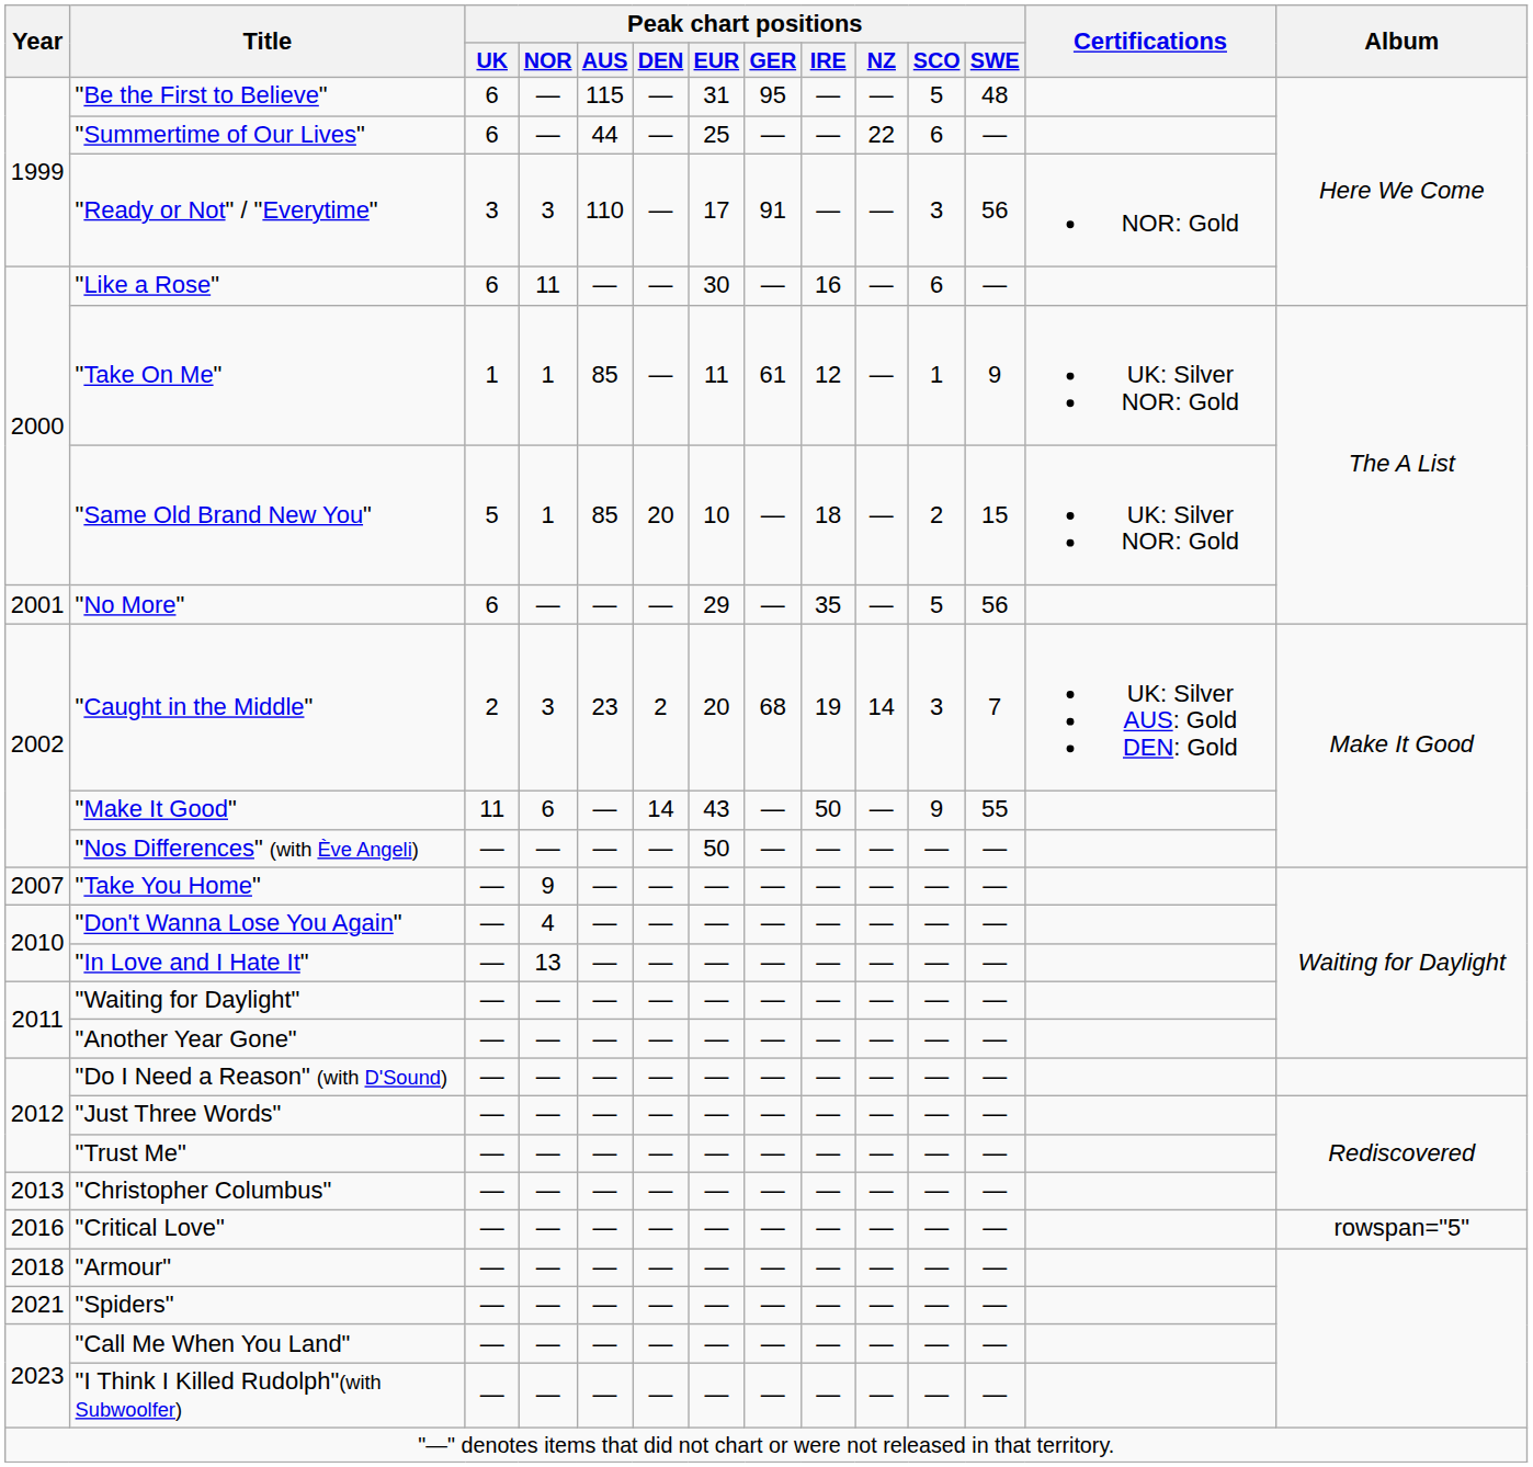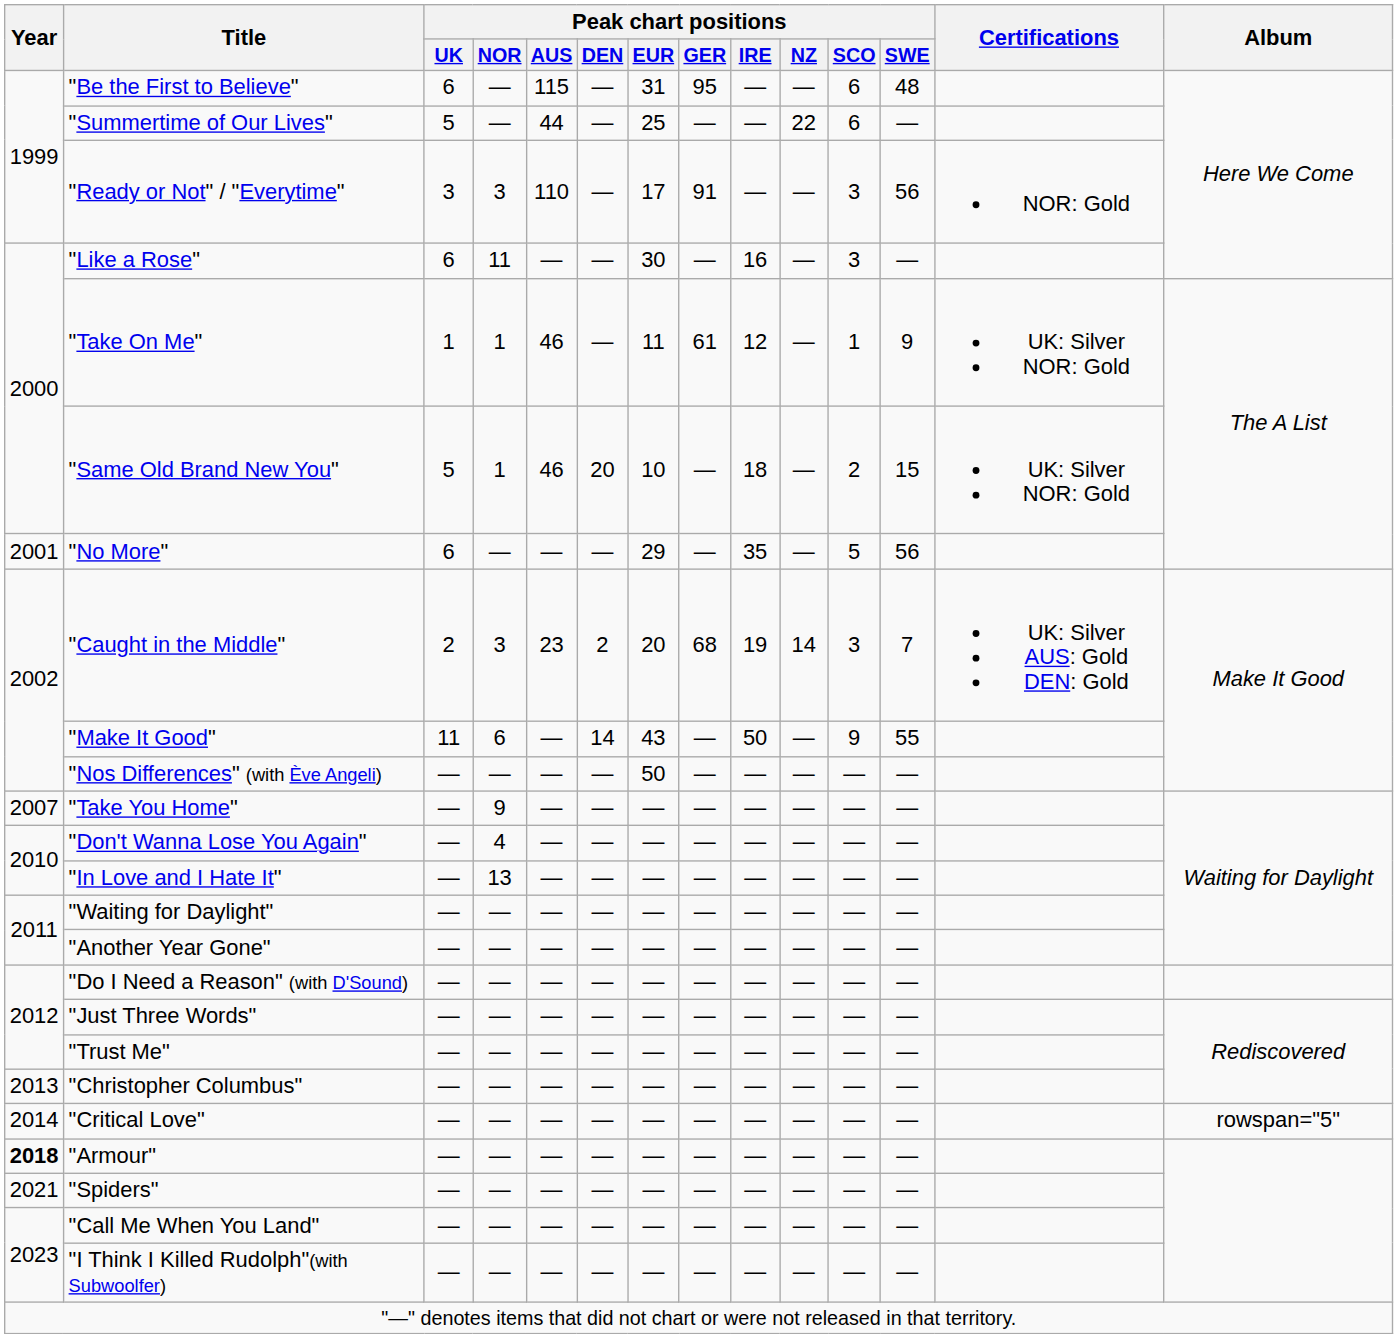 <table class="wikitable" style="text-align:center;">
 <tr>
 <th rowspan="2" style="width:2em;">Year</th>
 <th rowspan="2" style="width:16em;">Title</th>
 <th colspan="10">Peak chart positions</th>
 <th rowspan="2" style="width:10em;"><a href='#'>Certifications</a></th>
 <th rowspan="2" style="width:10em;">Album</th>
 </tr>
 <tr>
 <th style="width:2em;font-size:90%;"><a href='#'>UK</a><br></th>
 <th style="width:2em;font-size:90%;"><a href='#'>NOR</a><br></th>
 <th style="width:2em;font-size:90%;"><a href='#'>AUS</a><br></th>
 <th style="width:2em;font-size:90%;"><a href='#'>DEN</a><br></th>
 <th style="width:2em;font-size:90%;"><a href='#'>EUR</a><br></th>
 <th style="width:2em;font-size:90%;"><a href='#'>GER</a><br></th>
 <th style="width:2em;font-size:90%;"><a href='#'>IRE</a><br></th>
 <th style="width:2em;font-size:90%;"><a href='#'>NZ</a><br></th>
 <th style="width:2em;font-size:90%;"><a href='#'>SCO</a><br></th>
 <th style="width:2em;font-size:90%;"><a href='#'>SWE</a><br></th>
 </tr>
 <tr>
 <td rowspan="3">1999</td>
 <td style="text-align:left;">"<a href='#'>Be the First to Believe</a>"</td>
 <td>6</td>
 <td>—</td>
 <td>115</td>
 <td>—</td>
 <td>31</td>
 <td>95</td>
 <td>—</td>
 <td>—</td>
-<td>5</td>
+<td>6</td>
 <td>48</td>
 <td></td>
 <td rowspan="4"><em>Here We Come</em></td>
 </tr>
 <tr>
 <td style="text-align:left;">"<a href='#'>Summertime of Our Lives</a>"</td>
-<td>6</td>
+<td>5</td>
 <td>—</td>
 <td>44</td>
 <td>—</td>
 <td>25</td>
 <td>—</td>
 <td>—</td>
 <td>22</td>
 <td>6</td>
 <td>—</td>
 <td></td>
 </tr>
 <tr>
 <td style="text-align:left;">"<a href='#'>Ready or Not</a>" / "<a href='#'>Everytime</a>"</td>
 <td>3</td>
 <td>3</td>
 <td>110</td>
 <td>—</td>
 <td>17</td>
 <td>91</td>
 <td>—</td>
 <td>—</td>
 <td>3</td>
 <td>56</td>
 <td><br><ul><li>NOR: Gold</li></ul></td>
 </tr>
 <tr>
 <td rowspan="3">2000</td>
 <td style="text-align:left;">"<a href='#'>Like a Rose</a>"</td>
 <td>6</td>
 <td>11</td>
 <td>—</td>
 <td>—</td>
 <td>30</td>
 <td>—</td>
 <td>16</td>
 <td>—</td>
-<td>6</td>
+<td>3</td>
 <td>—</td>
 <td></td>
 </tr>
 <tr>
 <td style="text-align:left;">"<a href='#'>Take On Me</a>"</td>
 <td>1</td>
 <td>1</td>
-<td>85</td>
+<td>46</td>
 <td>—</td>
 <td>11</td>
 <td>61</td>
 <td>12</td>
 <td>—</td>
 <td>1</td>
 <td>9</td>
 <td><br><ul><li>UK: Silver</li><li>NOR: Gold</li></ul></td>
 <td rowspan="3"><em>The A List</em></td>
 </tr>
 <tr>
 <td style="text-align:left;">"<a href='#'>Same Old Brand New You</a>"</td>
 <td>5</td>
 <td>1</td>
-<td>85</td>
+<td>46</td>
 <td>20</td>
 <td>10</td>
 <td>—</td>
 <td>18</td>
 <td>—</td>
 <td>2</td>
 <td>15</td>
 <td><br><ul><li>UK: Silver</li><li>NOR: Gold</li></ul></td>
 </tr>
 <tr>
 <td>2001</td>
 <td style="text-align:left;">"<a href='#'>No More</a>"</td>
 <td>6</td>
 <td>—</td>
 <td>—</td>
 <td>—</td>
 <td>29</td>
 <td>—</td>
 <td>35</td>
 <td>—</td>
 <td>5</td>
 <td>56</td>
 <td></td>
 </tr>
 <tr>
 <td rowspan="3">2002</td>
 <td style="text-align:left;">"<a href='#'>Caught in the Middle</a>"</td>
 <td>2</td>
 <td>3</td>
 <td>23</td>
 <td>2</td>
 <td>20</td>
 <td>68</td>
 <td>19</td>
 <td>14</td>
 <td>3</td>
 <td>7</td>
 <td><br><ul><li>UK: Silver</li><li><a href='#'>AUS</a>: Gold</li><li><a href='#'>DEN</a>: Gold</li></ul></td>
 <td rowspan="3"><em>Make It Good</em></td>
 </tr>
 <tr>
 <td style="text-align:left;">"<a href='#'>Make It Good</a>"</td>
 <td>11</td>
 <td>6</td>
 <td>—</td>
 <td>14</td>
 <td>43</td>
 <td>—</td>
 <td>50</td>
 <td>—</td>
 <td>9</td>
 <td>55</td>
 <td></td>
 </tr>
 <tr>
 <td style="text-align:left;">"<a href='#'>Nos Differences</a>" <small>(with <a href='#'>Ève Angeli</a>)</small></td>
 <td>—</td>
 <td>—</td>
 <td>—</td>
 <td>—</td>
 <td>50</td>
 <td>—</td>
 <td>—</td>
 <td>—</td>
 <td>—</td>
 <td>—</td>
 <td></td>
 </tr>
 <tr>
 <td>2007</td>
 <td style="text-align:left;">"<a href='#'>Take You Home</a>"</td>
 <td>—</td>
 <td>9</td>
 <td>—</td>
 <td>—</td>
 <td>—</td>
 <td>—</td>
 <td>—</td>
 <td>—</td>
 <td>—</td>
 <td>—</td>
 <td></td>
 <td rowspan="5"><em>Waiting for Daylight</em></td>
 </tr>
 <tr>
 <td rowspan="2">2010</td>
 <td style="text-align:left;">"<a href='#'>Don't Wanna Lose You Again</a>"</td>
 <td>—</td>
 <td>4</td>
 <td>—</td>
 <td>—</td>
 <td>—</td>
 <td>—</td>
 <td>—</td>
 <td>—</td>
 <td>—</td>
 <td>—</td>
 <td></td>
 </tr>
 <tr>
 <td style="text-align:left;">"<a href='#'>In Love and I Hate It</a>"</td>
 <td>—</td>
 <td>13</td>
 <td>—</td>
 <td>—</td>
 <td>—</td>
 <td>—</td>
 <td>—</td>
 <td>—</td>
 <td>—</td>
 <td>—</td>
 <td></td>
 </tr>
 <tr>
 <td rowspan="2">2011</td>
 <td style="text-align:left;">"Waiting for Daylight"</td>
 <td>—</td>
 <td>—</td>
 <td>—</td>
 <td>—</td>
 <td>—</td>
 <td>—</td>
 <td>—</td>
 <td>—</td>
 <td>—</td>
 <td>—</td>
 <td></td>
 </tr>
 <tr>
 <td style="text-align:left;">"Another Year Gone"</td>
 <td>—</td>
 <td>—</td>
 <td>—</td>
 <td>—</td>
 <td>—</td>
 <td>—</td>
 <td>—</td>
 <td>—</td>
 <td>—</td>
 <td>—</td>
 <td></td>
 </tr>
 <tr>
 <td rowspan="3">2012</td>
 <td style="text-align:left;">"Do I Need a Reason" <small>(with <a href='#'>D'Sound</a>)</small></td>
 <td>—</td>
 <td>—</td>
 <td>—</td>
 <td>—</td>
 <td>—</td>
 <td>—</td>
 <td>—</td>
 <td>—</td>
 <td>—</td>
 <td>—</td>
 <td></td>
 <td></td>
 </tr>
 <tr>
 <td style="text-align:left;">"Just Three Words"</td>
 <td>—</td>
 <td>—</td>
 <td>—</td>
 <td>—</td>
 <td>—</td>
 <td>—</td>
 <td>—</td>
 <td>—</td>
 <td>—</td>
 <td>—</td>
 <td></td>
 <td rowspan="3"><em>Rediscovered</em></td>
 </tr>
 <tr>
 <td style="text-align:left;">"Trust Me"</td>
 <td>—</td>
 <td>—</td>
 <td>—</td>
 <td>—</td>
 <td>—</td>
 <td>—</td>
 <td>—</td>
 <td>—</td>
 <td>—</td>
 <td>—</td>
 <td></td>
 </tr>
 <tr>
 <td>2013</td>
 <td style="text-align:left;">"Christopher Columbus"</td>
 <td>—</td>
 <td>—</td>
 <td>—</td>
 <td>—</td>
 <td>—</td>
 <td>—</td>
 <td>—</td>
 <td>—</td>
 <td>—</td>
 <td>—</td>
 <td></td>
 </tr>
 <tr>
-<td>2016</td>
+<td>2014</td>
 <td style="text-align:left;">"Critical Love"</td>
 <td>—</td>
 <td>—</td>
 <td>—</td>
 <td>—</td>
 <td>—</td>
 <td>—</td>
 <td>—</td>
 <td>—</td>
 <td>—</td>
 <td>—</td>
 <td></td>
 <td>rowspan="5" </td>
 </tr>
 <tr>
-<td>2018</td>
+<td><strong>2018</strong></td>
 <td style="text-align:left;">"Armour"</td>
 <td>—</td>
 <td>—</td>
 <td>—</td>
 <td>—</td>
 <td>—</td>
 <td>—</td>
 <td>—</td>
 <td>—</td>
 <td>—</td>
 <td>—</td>
 <td></td>
 </tr>
 <tr>
 <td>2021</td>
 <td style="text-align:left;">"Spiders"  </td>
 <td>—</td>
 <td>—</td>
 <td>—</td>
 <td>—</td>
 <td>—</td>
 <td>—</td>
 <td>—</td>
 <td>—</td>
 <td>—</td>
 <td>—</td>
 <td></td>
 </tr>
 <tr>
 <td rowspan="2">2023</td>
 <td style="text-align:left;">"Call Me When You Land"</td>
 <td>—</td>
 <td>—</td>
 <td>—</td>
 <td>—</td>
 <td>—</td>
 <td>—</td>
 <td>—</td>
 <td>—</td>
 <td>—</td>
 <td>—</td>
 <td></td>
 </tr>
 <tr>
 <td style="text-align:left;">"I Think I Killed Rudolph"<small>(with <a href='#'>Subwoolfer</a>)</small></td>
 <td>—</td>
 <td>—</td>
 <td>—</td>
 <td>—</td>
 <td>—</td>
 <td>—</td>
 <td>—</td>
 <td>—</td>
 <td>—</td>
 <td>—</td>
 <td></td>
 </tr>
 <tr>
 <td colspan="15" style="font-size:90%">"—" denotes items that did not chart or were not released in that territory.</td>
 </tr>
 </table>
